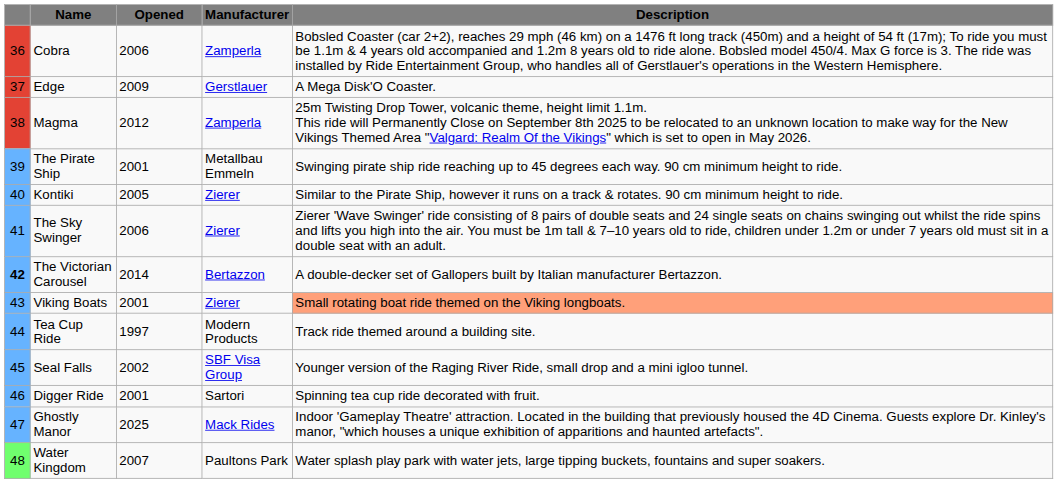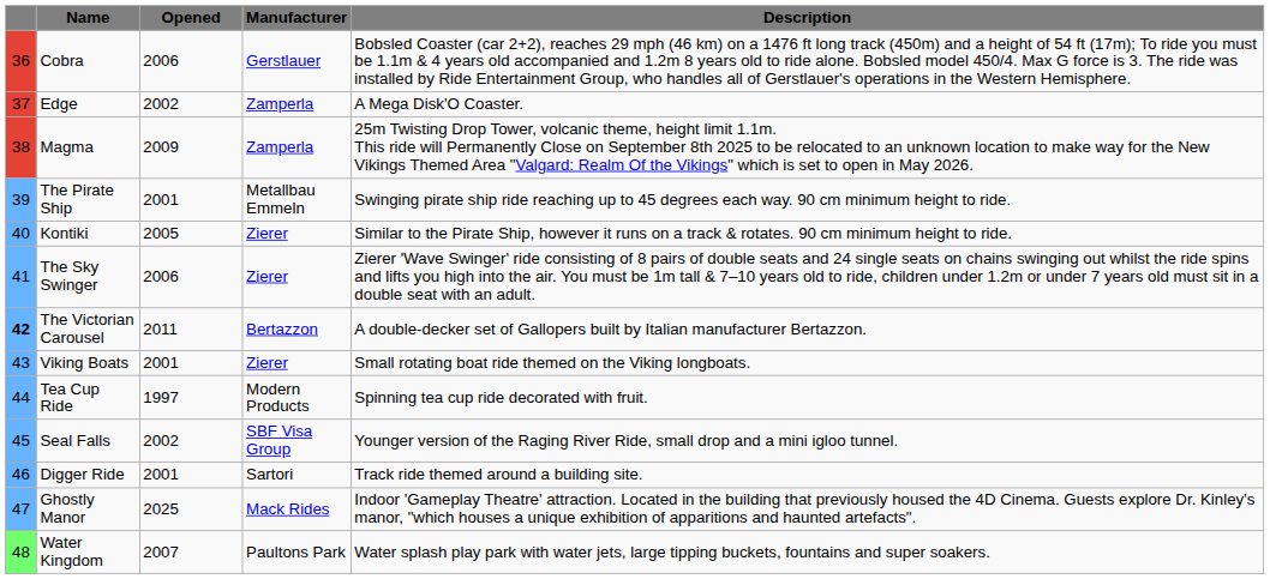 <table class="wikitable" style="width: 100%; font sizes: 95%;">
 <tr>
 <th style="background-color: #808080; width: 1.5em;"></th>
 <th style="background-color: #808080; width: 6em;">Name</th>
 <th style="background-color: #808080; width: 6em;">Opened</th>
 <th style="background-color: #808080; width: 6em;">Manufacturer</th>
 <th style="background-color: #808080;">Description</th>
 </tr>
 <tr>
 <td bgcolor="#e34234" style="text-align: center;">36</td>
 <td>Cobra</td>
 <td>2006</td>
-<td><a href='#'>Zamperla</a></td>
+<td><a href='#'>Gerstlauer</a></td>
 <td>Bobsled Coaster (car 2+2), reaches 29 mph (46 km) on a 1476 ft long track (450m) and a height of 54 ft (17m); To ride you must be 1.1m & 4 years old accompanied and 1.2m 8 years old to ride alone. Bobsled model 450/4. Max G force is 3. The ride was installed by Ride Entertainment Group, who handles all of Gerstlauer's operations in the Western Hemisphere.<br></td>
 </tr>
 <tr>
 <td bgcolor="#e34234" style="text-align: center;">37</td>
 <td>Edge</td>
-<td>2009</td>
-<td><a href='#'>Gerstlauer</a></td>
+<td>2002</td>
+<td><a href='#'>Zamperla</a></td>
 <td>A Mega Disk'O Coaster.</td>
 </tr>
 <tr>
 <td bgcolor="#e34234" style="text-align: center;">38</td>
 <td>Magma</td>
-<td>2012</td>
+<td>2009</td>
 <td><a href='#'>Zamperla</a></td>
 <td>25m Twisting Drop Tower, volcanic theme, height limit 1.1m.<br>This ride will Permanently Close on September 8th 2025 to be relocated to an unknown location to make way for the New Vikings Themed Area "<a href='#'>Valgard: Realm Of the Vikings</a>" which is set to open in May 2026.</td>
 </tr>
 <tr>
 <td bgcolor="#66b3ff" style="text-align: center;">39</td>
 <td>The Pirate Ship</td>
 <td>2001</td>
 <td>Metallbau Emmeln</td>
 <td>Swinging pirate ship ride reaching up to 45 degrees each way. 90 cm minimum height to ride.</td>
 </tr>
 <tr>
 <td bgcolor="#66b3ff" style="text-align: center;">40</td>
 <td>Kontiki</td>
 <td>2005</td>
 <td><a href='#'>Zierer</a></td>
 <td>Similar to the Pirate Ship, however it runs on a track & rotates. 90 cm minimum height to ride.</td>
 </tr>
 <tr>
 <td bgcolor="#66b3ff" style="text-align: center;">41</td>
 <td>The Sky Swinger</td>
 <td>2006</td>
 <td><a href='#'>Zierer</a></td>
 <td>Zierer 'Wave Swinger' ride consisting of 8 pairs of double seats and 24 single seats on chains swinging out whilst the ride spins and lifts you high into the air. You must be 1m tall & 7–10 years old to ride, children under 1.2m or under 7 years old must sit in a double seat with an adult.</td>
 </tr>
 <tr>
 <td bgcolor="#66b3ff" style="text-align: center;"><strong>42</strong></td>
 <td>The Victorian Carousel</td>
-<td>2014</td>
+<td>2011</td>
 <td><a href='#'>Bertazzon</a></td>
 <td>A double-decker set of Gallopers built by Italian manufacturer Bertazzon.</td>
 </tr>
 <tr>
 <td bgcolor="#66b3ff" style="text-align: center;">43</td>
 <td>Viking Boats</td>
 <td>2001</td>
 <td><a href='#'>Zierer</a></td>
-<td style="background: lightsalmon;">Small rotating boat ride themed on the Viking longboats.</td>
+<td>Small rotating boat ride themed on the Viking longboats.</td>
 </tr>
 <tr>
 <td bgcolor="#66b3ff" style="text-align: center;">44</td>
 <td>Tea Cup Ride</td>
 <td>1997</td>
 <td>Modern Products</td>
-<td>Track ride themed around a building site.</td>
+<td>Spinning tea cup ride decorated with fruit.</td>
 </tr>
 <tr>
 <td bgcolor="#66b3ff" style="text-align: center;">45</td>
 <td>Seal Falls</td>
 <td>2002</td>
 <td><a href='#'>SBF Visa Group</a></td>
 <td>Younger version of the Raging River Ride, small drop and a mini igloo tunnel.</td>
 </tr>
 <tr>
 <td bgcolor="#66b3ff" style="text-align: center;">46</td>
 <td>Digger Ride</td>
 <td>2001</td>
 <td>Sartori</td>
-<td>Spinning tea cup ride decorated with fruit.</td>
+<td>Track ride themed around a building site.</td>
 </tr>
 <tr>
 <td bgcolor="#66b3ff" style="text-align: center;">47</td>
 <td>Ghostly Manor</td>
 <td>2025</td>
 <td><a href='#'>Mack Rides</a></td>
 <td>Indoor 'Gameplay Theatre' attraction. Located in the building that previously housed the 4D Cinema. Guests explore Dr. Kinley's manor, "which houses a unique exhibition of apparitions and haunted artefacts".</td>
 </tr>
 <tr>
 <td bgcolor="#70FF6E" style="text-align: center;">48</td>
 <td>Water Kingdom</td>
 <td>2007</td>
 <td>Paultons Park</td>
 <td>Water splash play park with water jets, large tipping buckets, fountains and super soakers.</td>
 </tr>
 </table>
